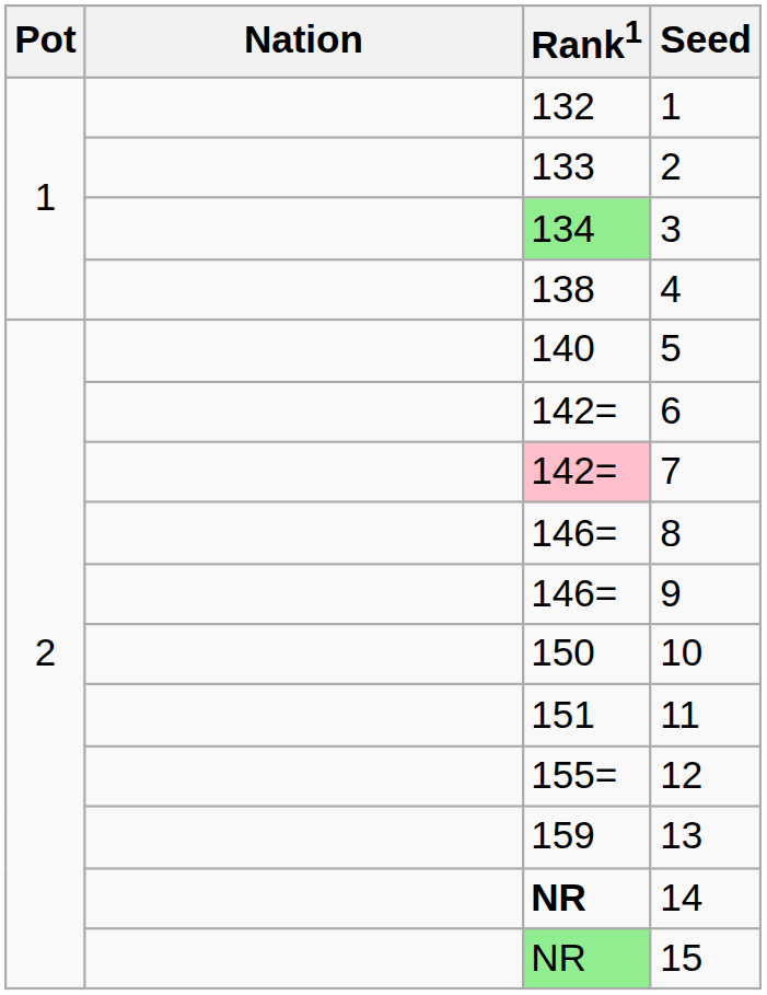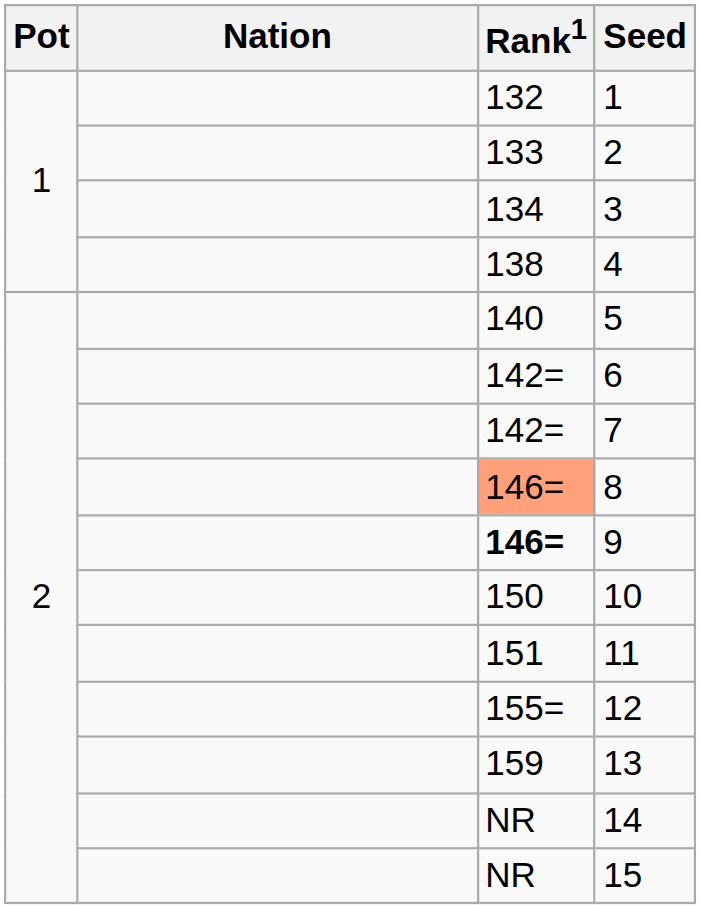 <table class="wikitable">
 <tr>
 <th>Pot</th>
 <th width="175">Nation</th>
 <th>Rank<sup>1</sup></th>
 <th>Seed</th>
 </tr>
 <tr>
 <td rowspan=4 style="text-align:center;">1</td>
 <td></td>
 <td>132</td>
 <td>1</td>
 </tr>
 <tr>
 <td></td>
 <td>133</td>
 <td>2</td>
 </tr>
 <tr>
 <td></td>
-<td style="background: lightgreen;">134</td>
+<td>134</td>
 <td>3</td>
 </tr>
 <tr>
 <td></td>
 <td>138</td>
 <td>4</td>
 </tr>
 <tr>
 <td rowspan=11 style="text-align:center;">2</td>
 <td></td>
 <td>140</td>
 <td>5</td>
 </tr>
 <tr>
 <td></td>
 <td>142=</td>
 <td>6</td>
 </tr>
 <tr>
 <td></td>
-<td style="background: pink;">142=</td>
+<td>142=</td>
 <td>7</td>
 </tr>
 <tr>
 <td></td>
-<td>146=</td>
+<td style="background: lightsalmon;">146=</td>
 <td>8</td>
 </tr>
 <tr>
 <td></td>
-<td>146=</td>
+<td><strong>146=</strong></td>
 <td>9</td>
 </tr>
 <tr>
 <td></td>
 <td>150</td>
 <td>10</td>
 </tr>
 <tr>
 <td></td>
 <td>151</td>
 <td>11</td>
 </tr>
 <tr>
 <td></td>
 <td>155=</td>
 <td>12</td>
 </tr>
 <tr>
 <td></td>
 <td>159</td>
 <td>13</td>
 </tr>
 <tr>
 <td></td>
-<td><strong>NR</strong></td>
+<td>NR</td>
 <td>14</td>
 </tr>
 <tr>
 <td></td>
-<td style="background: lightgreen;">NR</td>
+<td>NR</td>
 <td>15</td>
 </tr>
 </table>
